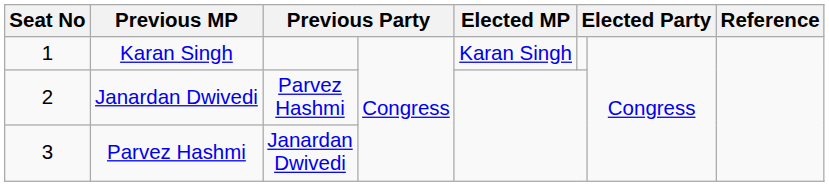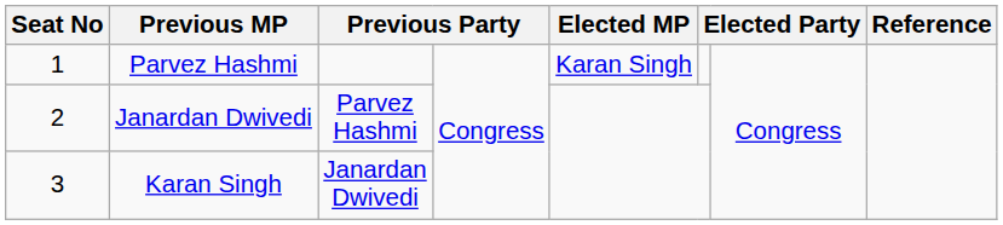 <table class="wikitable">
 <tr>
 <th>Seat No</th>
 <th>Previous MP</th>
 <th colspan=2>Previous Party</th>
 <th>Elected MP</th>
 <th colspan=2>Elected Party</th>
 <th>Reference</th>
 </tr>
 <tr style="text-align:center;">
 <td>1</td>
-<td><a href='#'>Karan Singh</a></td>
+<td><a href='#'>Parvez Hashmi</a></td>
 <td width="1px"></td>
 <td rowspan=3><a href='#'>Congress</a></td>
 <td><a href='#'>Karan Singh</a></td>
 <td width="1px"></td>
 <td rowspan=3><a href='#'>Congress</a></td>
 <td rowspan=3></td>
 </tr>
 <tr style="text-align:center;">
 <td>2</td>
 <td><a href='#'>Janardan Dwivedi</a></td>
 <td><a href='#'>Parvez Hashmi</a></td>
 </tr>
 <tr style="text-align:center;">
 <td>3</td>
-<td><a href='#'>Parvez Hashmi</a></td>
+<td><a href='#'>Karan Singh</a></td>
 <td><a href='#'>Janardan Dwivedi</a></td>
 </tr>
 </table>
